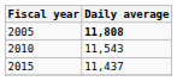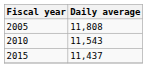 <table class="wikitable">
 <tr>
 <th>Fiscal year</th>
 <th>Daily average</th>
 </tr>
 <tr>
 <td>2005</td>
-<td><strong>11,808</strong></td>
+<td>11,808</td>
 </tr>
 <tr>
 <td>2010</td>
 <td>11,543</td>
 </tr>
 <tr>
 <td>2015</td>
 <td>11,437</td>
 </tr>
 <tr>
 </tr>
 </table>
